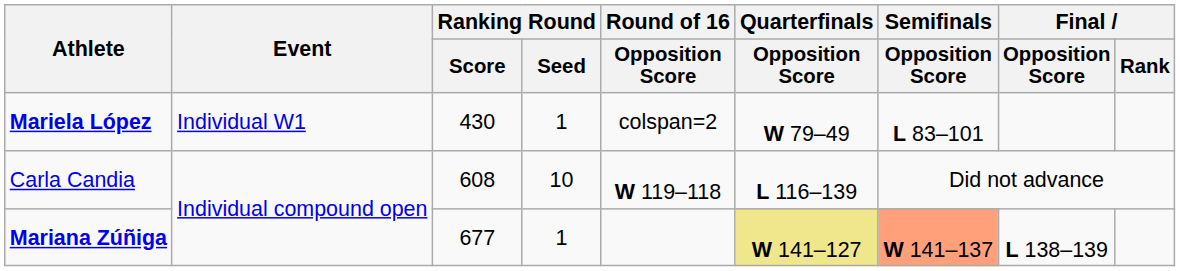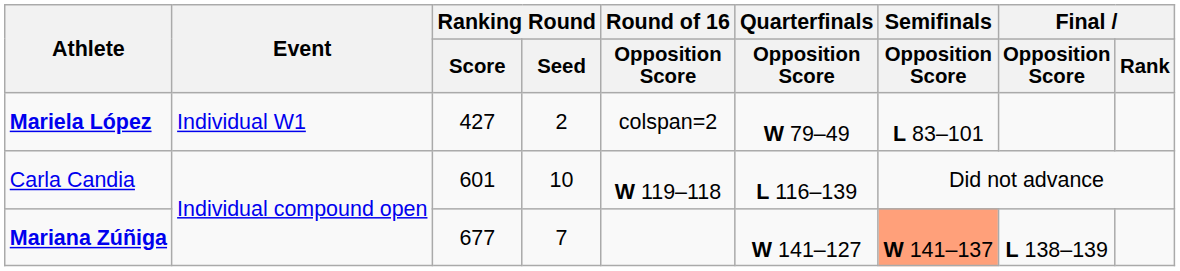 <table class="wikitable" style="font-size:90%;text-align:center">
 <tr>
 <th rowspan="2">Athlete</th>
 <th rowspan="2">Event</th>
 <th colspan="2">Ranking Round</th>
 <th>Round of 16</th>
 <th>Quarterfinals</th>
 <th>Semifinals</th>
 <th colspan="2">Final / </th>
 </tr>
 <tr style="font-size:95%">
 <th>Score</th>
 <th>Seed</th>
 <th>Opposition<br>Score</th>
 <th>Opposition<br>Score</th>
 <th>Opposition<br>Score</th>
 <th>Opposition<br>Score</th>
 <th>Rank</th>
 </tr>
 <tr>
 <td align="left"><strong><a href='#'>Mariela López</a></strong></td>
 <td align="left"><a href='#'>Individual W1</a></td>
-<td>430</td>
-<td>1</td>
+<td>427</td>
+<td>2</td>
 <td>colspan=2 </td>
 <td><br><strong>W</strong> 79–49</td>
 <td><br><strong>L</strong> 83–101</td>
 <td></td>
 </tr>
 <tr>
 <td align="left"><a href='#'>Carla Candia</a></td>
 <td rowspan="2" align="left"><a href='#'>Individual compound open</a></td>
-<td>608</td>
+<td>601</td>
 <td>10</td>
 <td><br><strong>W</strong> 119–118</td>
 <td><br><strong>L</strong> 116–139</td>
 <td colspan= 3>Did not advance</td>
 </tr>
 <tr>
 <td align="left"><strong><a href='#'>Mariana Zúñiga</a></strong></td>
 <td>677 <strong></strong></td>
-<td>1</td>
+<td>7</td>
 <td></td>
-<td style="background: khaki;"><br><strong>W</strong> 141–127</td>
+<td><br><strong>W</strong> 141–127</td>
 <td style="background: lightsalmon;"><br><strong>W</strong> 141–137</td>
 <td><br><strong>L</strong> 138–139</td>
 <td></td>
 </tr>
 </table>
